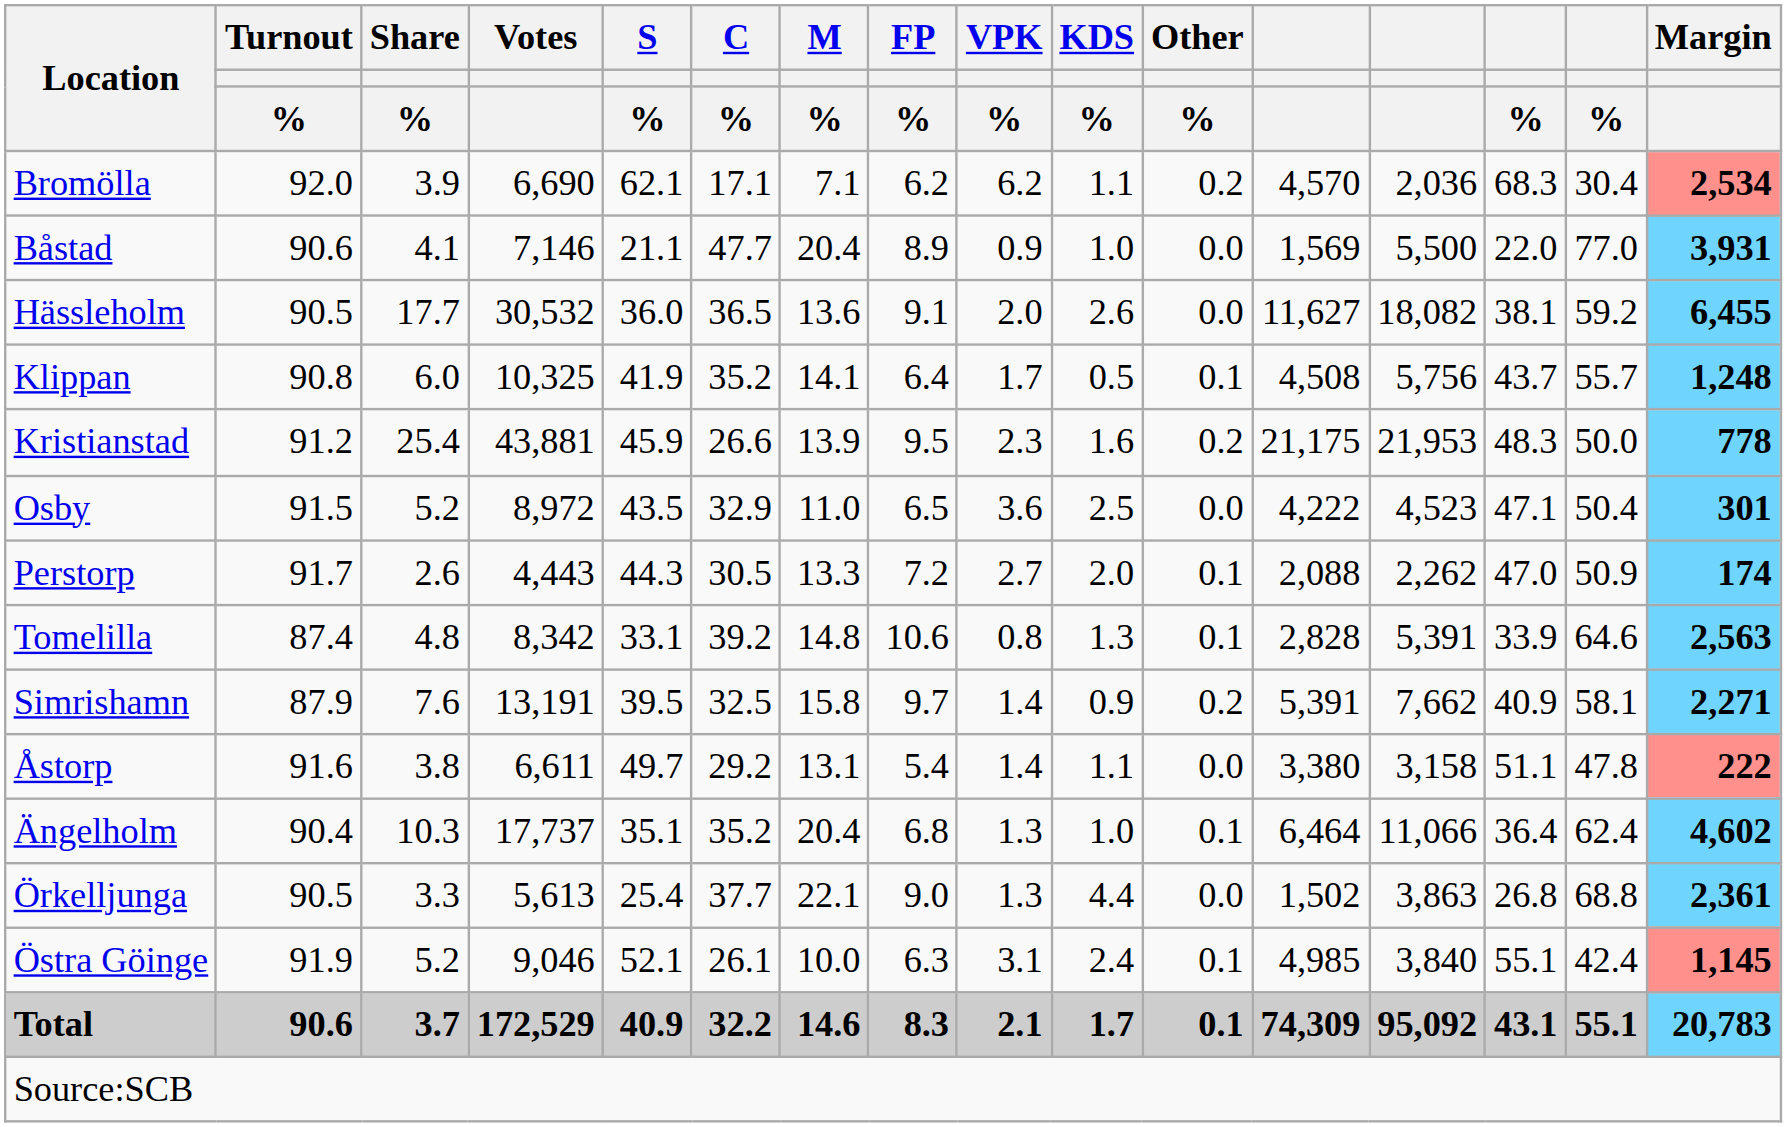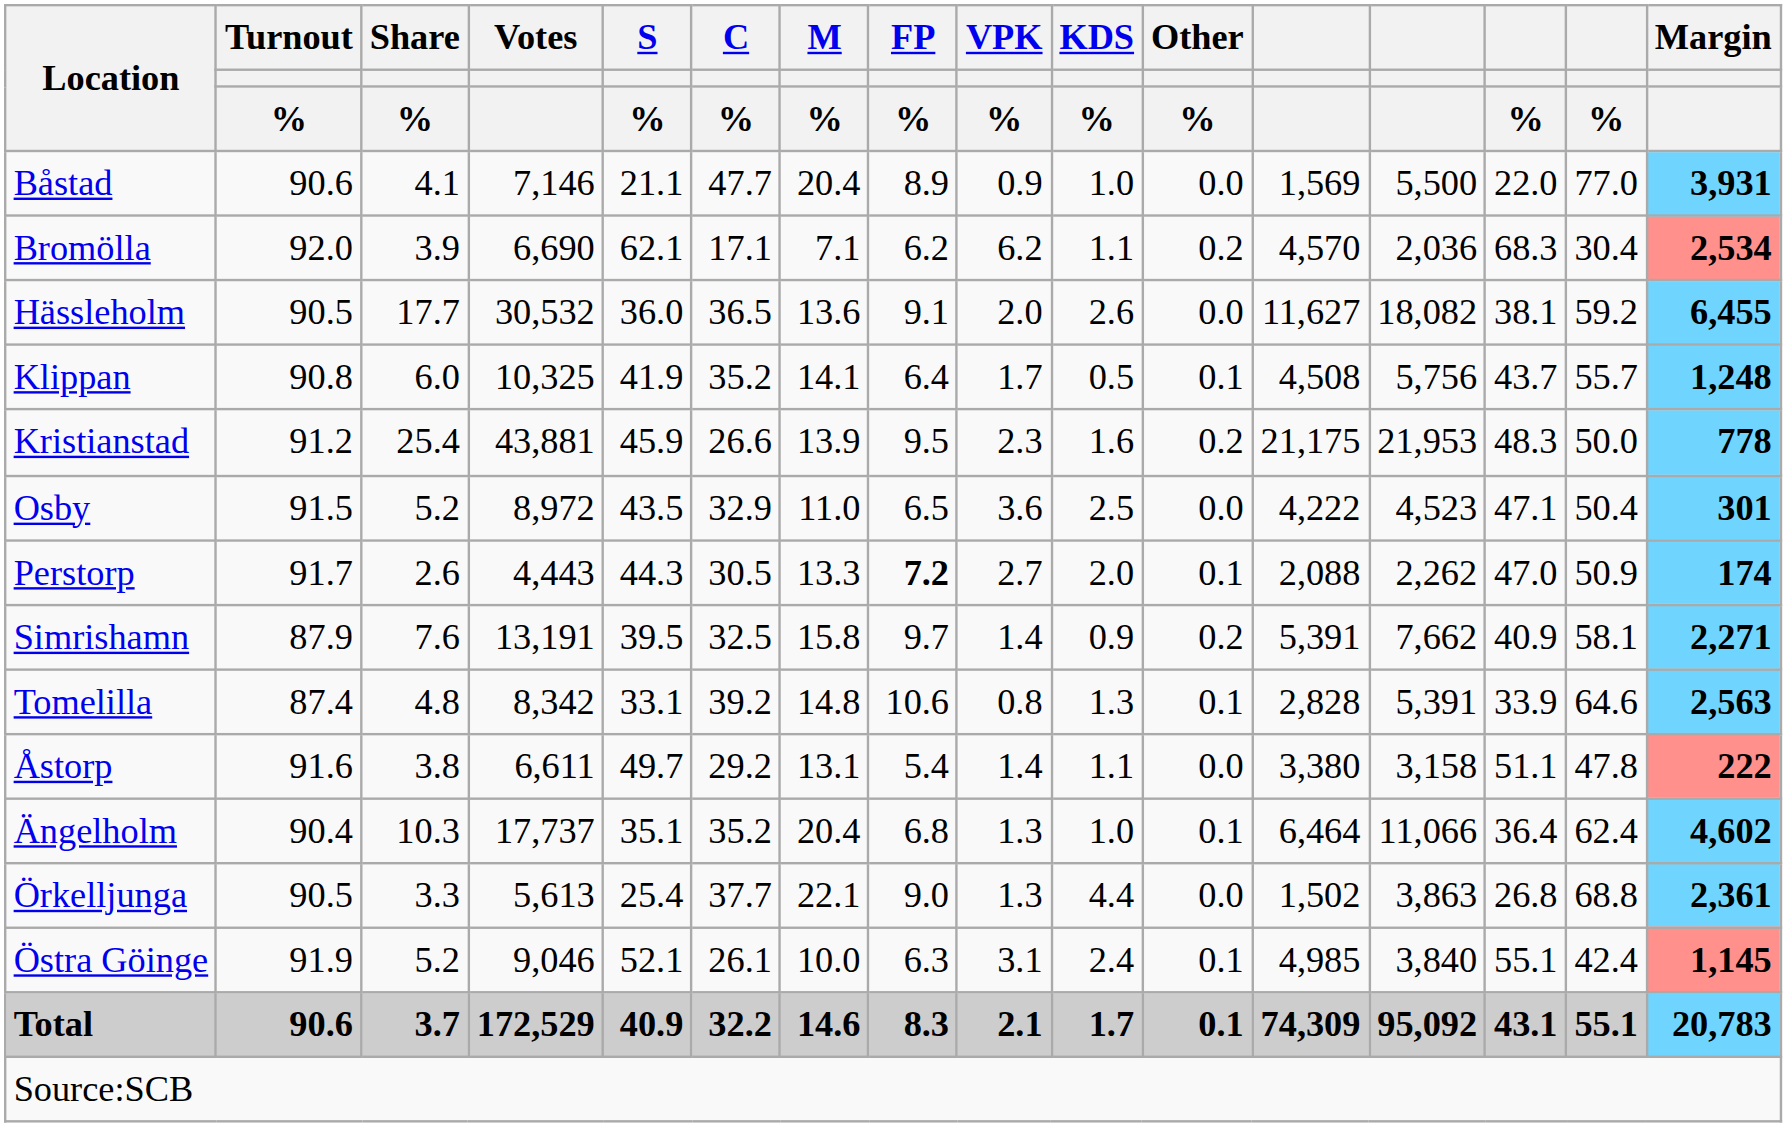 <table class="wikitable sortable" style="text-align:right; font-size:95%; line-height:20px;">
 <tr>
 <th rowspan="3">Location</th>
 <th>Turnout</th>
 <th>Share</th>
 <th>Votes</th>
 <th width="30px" class="unsortable"><a href='#'>S</a></th>
 <th width="30px" class="unsortable"><a href='#'>C</a></th>
 <th width="30px" class="unsortable"><a href='#'>M</a></th>
 <th width="30px" class="unsortable"><a href='#'>FP</a></th>
 <th width="30px" class="unsortable"><a href='#'>VPK</a></th>
 <th width="30px" class="unsortable"><a href='#'>KDS</a></th>
 <th width="30px" class="unsortable">Other</th>
 <th></th>
 <th></th>
 <th></th>
 <th></th>
 <th>Margin</th>
 </tr>
 <tr>
 <th></th>
 <th></th>
 <th></th>
 <th style="background:"></th>
 <th style="background:"></th>
 <th style="background:"></th>
 <th style="background:"></th>
 <th style="background:"></th>
 <th style="background:"></th>
 <th style="background:"></th>
 <th style="background:"></th>
 <th style="background:"></th>
 <th style="background:"></th>
 <th style="background:"></th>
 <th></th>
 </tr>
 <tr>
 <th data-sort-type="number">%</th>
 <th data-sort-type="number">%</th>
 <th></th>
 <th data-sort-type="number">%</th>
 <th data-sort-type="number">%</th>
 <th data-sort-type="number">%</th>
 <th data-sort-type="number">%</th>
 <th data-sort-type="number">%</th>
 <th data-sort-type="number">%</th>
 <th data-sort-type="number">%</th>
 <th data-sort-type="number"></th>
 <th data-sort-type="number"></th>
 <th data-sort-type="number">%</th>
 <th data-sort-type="number">%</th>
 <th data-sort-type="number"></th>
 </tr>
 <tr>
+<td align=left><a href='#'>Båstad</a></td>
+<td>90.6</td>
+<td>4.1</td>
+<td>7,146</td>
+<td>21.1</td>
+<td>47.7</td>
+<td>20.4</td>
+<td>8.9</td>
+<td>0.9</td>
+<td>1.0</td>
+<td>0.0</td>
+<td>1,569</td>
+<td>5,500</td>
+<td>22.0</td>
+<td>77.0</td>
+<td bgcolor=#6fd5fe><strong>3,931</strong></td>
+</tr>
+<tr>
 <td align=left><a href='#'>Bromölla</a></td>
 <td>92.0</td>
 <td>3.9</td>
 <td>6,690</td>
 <td>62.1</td>
 <td>17.1</td>
 <td>7.1</td>
 <td>6.2</td>
 <td>6.2</td>
 <td>1.1</td>
 <td>0.2</td>
 <td>4,570</td>
 <td>2,036</td>
 <td>68.3</td>
 <td>30.4</td>
 <td bgcolor=#ff908c><strong>2,534</strong></td>
-</tr>
-<tr>
-<td align=left><a href='#'>Båstad</a></td>
-<td>90.6</td>
-<td>4.1</td>
-<td>7,146</td>
-<td>21.1</td>
-<td>47.7</td>
-<td>20.4</td>
-<td>8.9</td>
-<td>0.9</td>
-<td>1.0</td>
-<td>0.0</td>
-<td>1,569</td>
-<td>5,500</td>
-<td>22.0</td>
-<td>77.0</td>
-<td bgcolor=#6fd5fe><strong>3,931</strong></td>
 </tr>
 <tr>
 <td align=left><a href='#'>Hässleholm</a></td>
 <td>90.5</td>
 <td>17.7</td>
 <td>30,532</td>
 <td>36.0</td>
 <td>36.5</td>
 <td>13.6</td>
 <td>9.1</td>
 <td>2.0</td>
 <td>2.6</td>
 <td>0.0</td>
 <td>11,627</td>
 <td>18,082</td>
 <td>38.1</td>
 <td>59.2</td>
 <td bgcolor=#6fd5fe><strong>6,455</strong></td>
 </tr>
 <tr>
 <td align=left><a href='#'>Klippan</a></td>
 <td>90.8</td>
 <td>6.0</td>
 <td>10,325</td>
 <td>41.9</td>
 <td>35.2</td>
 <td>14.1</td>
 <td>6.4</td>
 <td>1.7</td>
 <td>0.5</td>
 <td>0.1</td>
 <td>4,508</td>
 <td>5,756</td>
 <td>43.7</td>
 <td>55.7</td>
 <td bgcolor=#6fd5fe><strong>1,248</strong></td>
 </tr>
 <tr>
 <td align=left><a href='#'>Kristianstad</a></td>
 <td>91.2</td>
 <td>25.4</td>
 <td>43,881</td>
 <td>45.9</td>
 <td>26.6</td>
 <td>13.9</td>
 <td>9.5</td>
 <td>2.3</td>
 <td>1.6</td>
 <td>0.2</td>
 <td>21,175</td>
 <td>21,953</td>
 <td>48.3</td>
 <td>50.0</td>
 <td bgcolor=#6fd5fe><strong>778</strong></td>
 </tr>
 <tr>
 <td align=left><a href='#'>Osby</a></td>
 <td>91.5</td>
 <td>5.2</td>
 <td>8,972</td>
 <td>43.5</td>
 <td>32.9</td>
 <td>11.0</td>
 <td>6.5</td>
 <td>3.6</td>
 <td>2.5</td>
 <td>0.0</td>
 <td>4,222</td>
 <td>4,523</td>
 <td>47.1</td>
 <td>50.4</td>
 <td bgcolor=#6fd5fe><strong>301</strong></td>
 </tr>
 <tr>
 <td align=left><a href='#'>Perstorp</a></td>
 <td>91.7</td>
 <td>2.6</td>
 <td>4,443</td>
 <td>44.3</td>
 <td>30.5</td>
 <td>13.3</td>
-<td>7.2</td>
+<td><strong>7.2</strong></td>
 <td>2.7</td>
 <td>2.0</td>
 <td>0.1</td>
 <td>2,088</td>
 <td>2,262</td>
 <td>47.0</td>
 <td>50.9</td>
 <td bgcolor=#6fd5fe><strong>174</strong></td>
+</tr>
+<tr>
+<td align=left><a href='#'>Simrishamn</a></td>
+<td>87.9</td>
+<td>7.6</td>
+<td>13,191</td>
+<td>39.5</td>
+<td>32.5</td>
+<td>15.8</td>
+<td>9.7</td>
+<td>1.4</td>
+<td>0.9</td>
+<td>0.2</td>
+<td>5,391</td>
+<td>7,662</td>
+<td>40.9</td>
+<td>58.1</td>
+<td bgcolor=#6fd5fe><strong>2,271</strong></td>
 </tr>
 <tr>
 <td align=left><a href='#'>Tomelilla</a></td>
 <td>87.4</td>
 <td>4.8</td>
 <td>8,342</td>
 <td>33.1</td>
 <td>39.2</td>
 <td>14.8</td>
 <td>10.6</td>
 <td>0.8</td>
 <td>1.3</td>
 <td>0.1</td>
 <td>2,828</td>
 <td>5,391</td>
 <td>33.9</td>
 <td>64.6</td>
 <td bgcolor=#6fd5fe><strong>2,563</strong></td>
-</tr>
-<tr>
-<td align=left><a href='#'>Simrishamn</a></td>
-<td>87.9</td>
-<td>7.6</td>
-<td>13,191</td>
-<td>39.5</td>
-<td>32.5</td>
-<td>15.8</td>
-<td>9.7</td>
-<td>1.4</td>
-<td>0.9</td>
-<td>0.2</td>
-<td>5,391</td>
-<td>7,662</td>
-<td>40.9</td>
-<td>58.1</td>
-<td bgcolor=#6fd5fe><strong>2,271</strong></td>
 </tr>
 <tr>
 <td align=left><a href='#'>Åstorp</a></td>
 <td>91.6</td>
 <td>3.8</td>
 <td>6,611</td>
 <td>49.7</td>
 <td>29.2</td>
 <td>13.1</td>
 <td>5.4</td>
 <td>1.4</td>
 <td>1.1</td>
 <td>0.0</td>
 <td>3,380</td>
 <td>3,158</td>
 <td>51.1</td>
 <td>47.8</td>
 <td bgcolor=#ff908c><strong>222</strong></td>
 </tr>
 <tr>
 <td align=left><a href='#'>Ängelholm</a></td>
 <td>90.4</td>
 <td>10.3</td>
 <td>17,737</td>
 <td>35.1</td>
 <td>35.2</td>
 <td>20.4</td>
 <td>6.8</td>
 <td>1.3</td>
 <td>1.0</td>
 <td>0.1</td>
 <td>6,464</td>
 <td>11,066</td>
 <td>36.4</td>
 <td>62.4</td>
 <td bgcolor=#6fd5fe><strong>4,602</strong></td>
 </tr>
 <tr>
 <td align=left><a href='#'>Örkelljunga</a></td>
 <td>90.5</td>
 <td>3.3</td>
 <td>5,613</td>
 <td>25.4</td>
 <td>37.7</td>
 <td>22.1</td>
 <td>9.0</td>
 <td>1.3</td>
 <td>4.4</td>
 <td>0.0</td>
 <td>1,502</td>
 <td>3,863</td>
 <td>26.8</td>
 <td>68.8</td>
 <td bgcolor=#6fd5fe><strong>2,361</strong></td>
 </tr>
 <tr>
 <td align=left><a href='#'>Östra Göinge</a></td>
 <td>91.9</td>
 <td>5.2</td>
 <td>9,046</td>
 <td>52.1</td>
 <td>26.1</td>
 <td>10.0</td>
 <td>6.3</td>
 <td>3.1</td>
 <td>2.4</td>
 <td>0.1</td>
 <td>4,985</td>
 <td>3,840</td>
 <td>55.1</td>
 <td>42.4</td>
 <td bgcolor=#ff908c><strong>1,145</strong></td>
 </tr>
 <tr style="background:#CDCDCD;">
 <td align=left><strong>Total</strong></td>
 <td><strong>90.6</strong></td>
 <td><strong>3.7</strong></td>
 <td><strong>172,529</strong></td>
 <td><strong>40.9</strong></td>
 <td><strong>32.2</strong></td>
 <td><strong>14.6</strong></td>
 <td><strong>8.3</strong></td>
 <td><strong>2.1</strong></td>
 <td><strong>1.7</strong></td>
 <td><strong>0.1</strong></td>
 <td><strong>74,309</strong></td>
 <td><strong>95,092</strong></td>
 <td><strong>43.1</strong></td>
 <td><strong>55.1</strong></td>
 <td bgcolor=#6fd5fe><strong>20,783</strong></td>
 </tr>
 <tr>
 <td align=left colspan=16>Source:SCB </td>
 </tr>
 </table>
